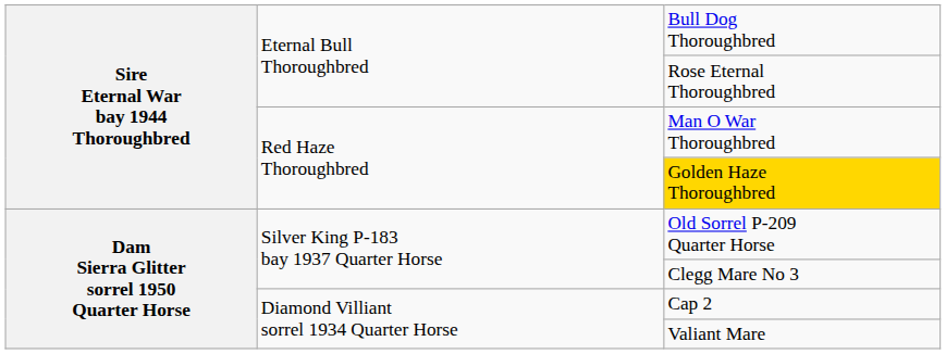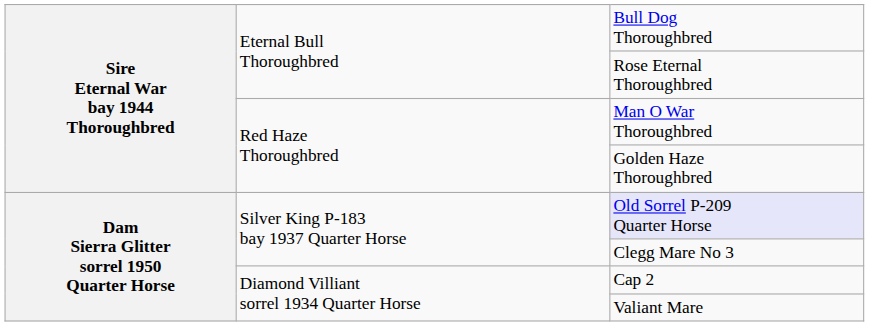 <table class="wikitable" style="clear:both; margin:0em auto; width:90%;">
 <tr>
 <th rowspan="4">Sire<br>Eternal War<br>bay 1944<br>Thoroughbred</th>
 <td rowspan="2">Eternal Bull<br>Thoroughbred</td>
 <td><a href='#'>Bull Dog</a><br>Thoroughbred</td>
 </tr>
 <tr>
 <td>Rose Eternal<br>Thoroughbred</td>
 </tr>
 <tr>
 <td rowspan="2">Red Haze<br>Thoroughbred</td>
 <td><a href='#'>Man O War</a><br>Thoroughbred</td>
 </tr>
 <tr>
-<td style="background: gold;">Golden Haze<br>Thoroughbred</td>
+<td>Golden Haze<br>Thoroughbred</td>
 </tr>
 <tr>
 <th rowspan="4">Dam<br>Sierra Glitter<br>sorrel 1950<br>Quarter Horse</th>
 <td rowspan="2">Silver King P-183<br>bay 1937 Quarter Horse</td>
-<td><a href='#'>Old Sorrel</a> P-209<br>Quarter Horse</td>
+<td style="background: lavender;"><a href='#'>Old Sorrel</a> P-209<br>Quarter Horse</td>
 </tr>
 <tr>
 <td>Clegg Mare No 3</td>
 </tr>
 <tr>
 <td rowspan="2">Diamond Villiant<br>sorrel 1934 Quarter Horse</td>
 <td>Cap 2</td>
 </tr>
 <tr>
 <td>Valiant Mare</td>
 </tr>
 </table>
